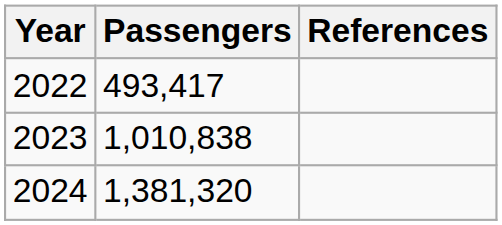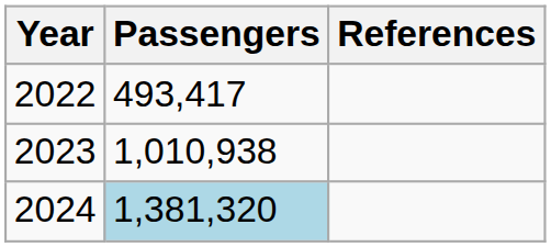 <table class="wikitable" style="display:inline-table;">
 <tr>
 <th>Year</th>
 <th>Passengers</th>
 <th>References</th>
 </tr>
 <tr>
 <td>2022</td>
 <td>493,417</td>
 <td></td>
 </tr>
 <tr>
 <td>2023</td>
-<td>1,010,838</td>
+<td>1,010,938</td>
 <td></td>
 </tr>
 <tr>
 <td>2024</td>
-<td>1,381,320</td>
+<td style="background: lightblue;">1,381,320</td>
 <td></td>
 </tr>
 </table>
